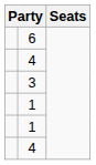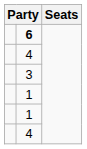 <table class="wikitable" style="font-size: 95%;">
 <tr>
 <th colspan=2>Party</th>
 <th>Seats</th>
 </tr>
 <tr>
 <td></td>
-<td align="center">6</td>
+<td align="center"><strong>6</strong></td>
 </tr>
 <tr>
 <td></td>
 <td align="center">4</td>
 </tr>
 <tr>
 <td></td>
 <td align="center">3</td>
 </tr>
 <tr>
 <td></td>
 <td align="center">1</td>
 </tr>
 <tr>
 <td></td>
 <td align="center">1</td>
 </tr>
 <tr>
 <td></td>
 <td align="center">4</td>
 </tr>
 </table>
